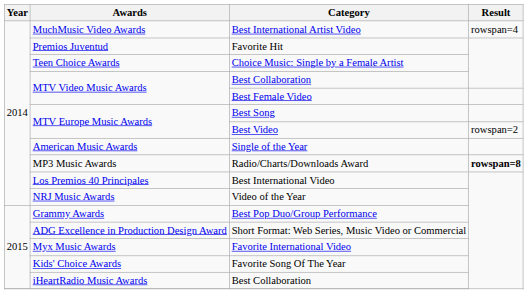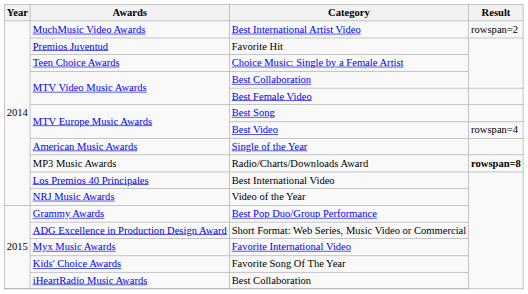 <table class="wikitable sortable">
 <tr>
 <th>Year</th>
 <th>Awards</th>
 <th>Category</th>
 <th>Result</th>
 </tr>
 <tr>
 <td rowspan="11">2014</td>
 <td><a href='#'>MuchMusic Video Awards</a></td>
 <td><a href='#'>Best International Artist Video</a></td>
-<td>rowspan=4 </td>
+<td>rowspan=2 </td>
 </tr>
 <tr>
 <td><a href='#'>Premios Juventud</a></td>
 <td>Favorite Hit</td>
 </tr>
 <tr>
 <td><a href='#'>Teen Choice Awards</a></td>
 <td><a href='#'>Choice Music: Single by a Female Artist</a></td>
 </tr>
 <tr>
 <td rowspan="2"><a href='#'>MTV Video Music Awards</a></td>
 <td><a href='#'>Best Collaboration</a></td>
 </tr>
 <tr>
 <td><a href='#'>Best Female Video</a></td>
 <td></td>
 </tr>
 <tr>
 <td rowspan="2"><a href='#'>MTV Europe Music Awards</a></td>
 <td><a href='#'>Best Song</a></td>
 <td></td>
 </tr>
 <tr>
 <td><a href='#'>Best Video</a></td>
-<td>rowspan=2 </td>
+<td>rowspan=4 </td>
 </tr>
 <tr>
 <td><a href='#'>American Music Awards</a></td>
 <td><a href='#'>Single of the Year</a></td>
 </tr>
 <tr>
 <td>MP3 Music Awards</td>
 <td>Radio/Charts/Downloads Award</td>
 <td><strong>rowspan=8 </strong></td>
 </tr>
 <tr>
 <td><a href='#'>Los Premios 40 Principales</a></td>
 <td>Best International Video</td>
 </tr>
 <tr>
 <td><a href='#'>NRJ Music Awards</a></td>
 <td>Video of the Year</td>
 </tr>
 <tr>
 <td rowspan="5">2015</td>
 <td><a href='#'>Grammy Awards</a></td>
 <td><a href='#'>Best Pop Duo/Group Performance</a></td>
 </tr>
 <tr>
 <td><a href='#'>ADG Excellence in Production Design Award</a></td>
 <td>Short Format: Web Series, Music Video or Commercial</td>
 </tr>
 <tr>
 <td><a href='#'>Myx Music Awards</a></td>
 <td><a href='#'>Favorite International Video</a></td>
 </tr>
 <tr>
 <td><a href='#'>Kids' Choice Awards</a></td>
 <td>Favorite Song Of The Year</td>
 </tr>
 <tr>
 <td><a href='#'>iHeartRadio Music Awards</a></td>
 <td>Best Collaboration</td>
 </tr>
 <tr>
 </tr>
 </table>
